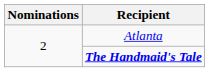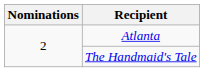 <table class="wikitable" rowspan="2" style="text-align:center;" background: #f6e39c;>
 <tr>
 <th scope="col" style="width:55px;">Nominations</th>
 <th scope="col" style="text-align:center;">Recipient</th>
 </tr>
 <tr>
 <td rowspan="2" style="text-align:center">2</td>
 <td><em><a href='#'>Atlanta</a></em></td>
 </tr>
 <tr>
-<td><strong><em><a href='#'>The Handmaid's Tale</a></em></strong></td>
+<td><em><a href='#'>The Handmaid's Tale</a></em></td>
 </tr>
 </table>
